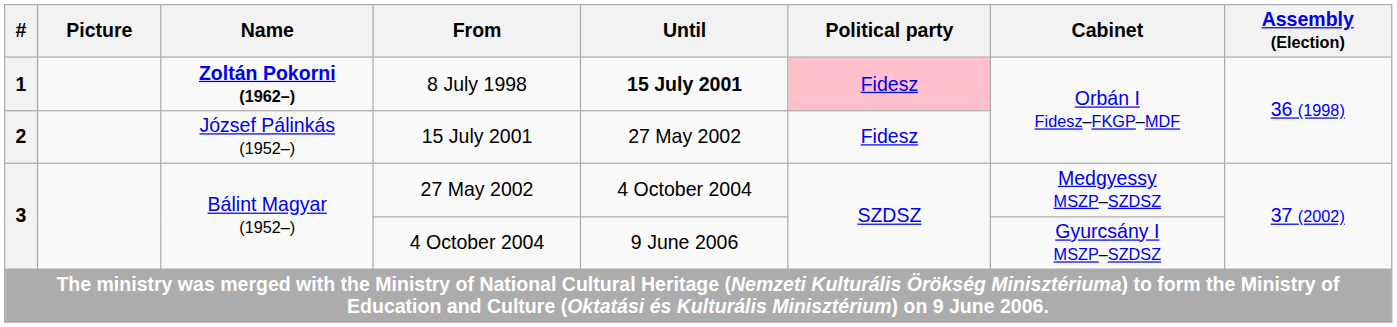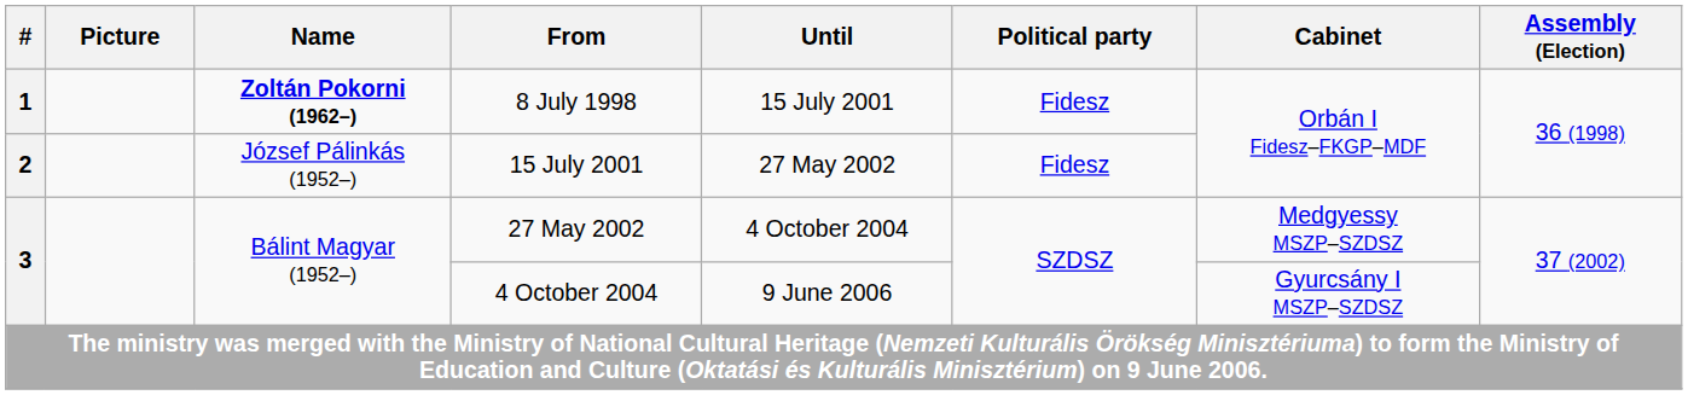 <table width=90% class="wikitable" style="text-align:center">
 <tr>
 <th>#</th>
 <th>Picture</th>
 <th>Name</th>
 <th>From</th>
 <th>Until</th>
 <th>Political party</th>
 <th>Cabinet</th>
 <th><a href='#'>Assembly</a><br><small>(Election)</small></th>
 </tr>
 <tr>
 <th style="background:">1</th>
 <td></td>
 <td><strong><a href='#'>Zoltán Pokorni</a><br><small>(1962–)</small></strong></td>
 <td>8 July 1998</td>
-<td><strong>15 July 2001</strong></td>
-<td style="background: pink;"><a href='#'>Fidesz</a></td>
+<td>15 July 2001</td>
+<td><a href='#'>Fidesz</a></td>
 <td rowspan="2"><a href='#'>Orbán I</a><br><small><a href='#'>Fidesz</a>–<a href='#'>FKGP</a>–<a href='#'>MDF</a></small></td>
 <td rowspan="2"><a href='#'>36 <small>(1998)</small></a></td>
 </tr>
 <tr>
 <th style="background:">2</th>
 <td></td>
 <td><a href='#'>József Pálinkás</a><br><small>(1952–)</small></td>
 <td>15 July 2001</td>
 <td>27 May 2002</td>
 <td><a href='#'>Fidesz</a></td>
 </tr>
 <tr>
 <th rowspan="2" style="background:">3</th>
 <td rowspan="2"></td>
 <td rowspan="2"><a href='#'>Bálint Magyar</a><br><small>(1952–)</small></td>
 <td>27 May 2002</td>
 <td>4 October 2004</td>
 <td rowspan="2"><a href='#'>SZDSZ</a></td>
 <td><a href='#'>Medgyessy</a><br><small><a href='#'>MSZP</a>–<a href='#'>SZDSZ</a></small></td>
 <td rowspan="2"><a href='#'>37 <small>(2002)</small></a></td>
 </tr>
 <tr>
 <td>4 October 2004</td>
 <td>9 June 2006</td>
 <td><a href='#'>Gyurcsány I</a><br><small><a href='#'>MSZP</a>–<a href='#'>SZDSZ</a></small></td>
 </tr>
 <tr>
 <th colspan="8" style="background-color:#ACACAC; color:white">The ministry was merged with the Ministry of National Cultural Heritage (<em>Nemzeti Kulturális Örökség Minisztériuma</em>) to form the Ministry of Education and Culture (<em>Oktatási és Kulturális Minisztérium</em>) on 9 June 2006.</th>
 </tr>
 <tr>
 </tr>
 </table>
